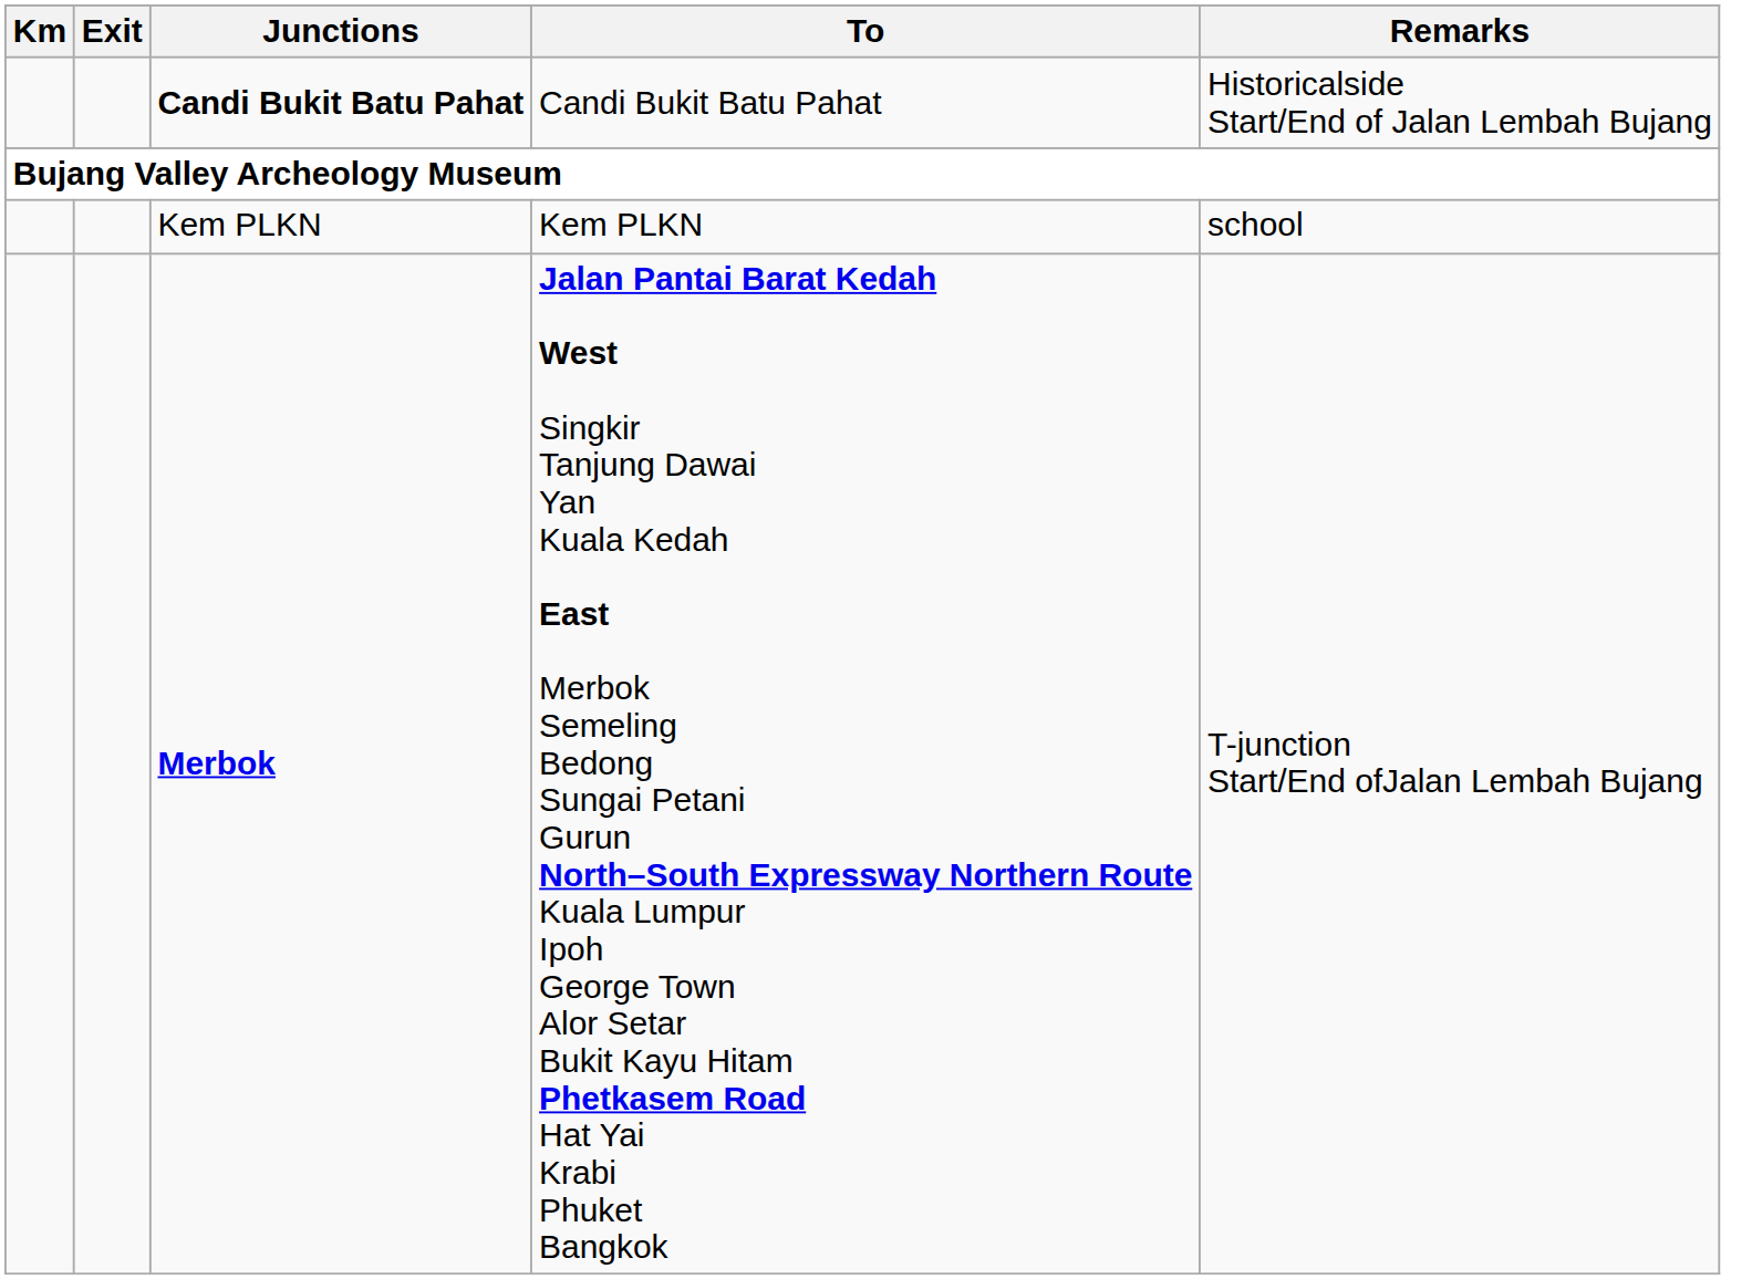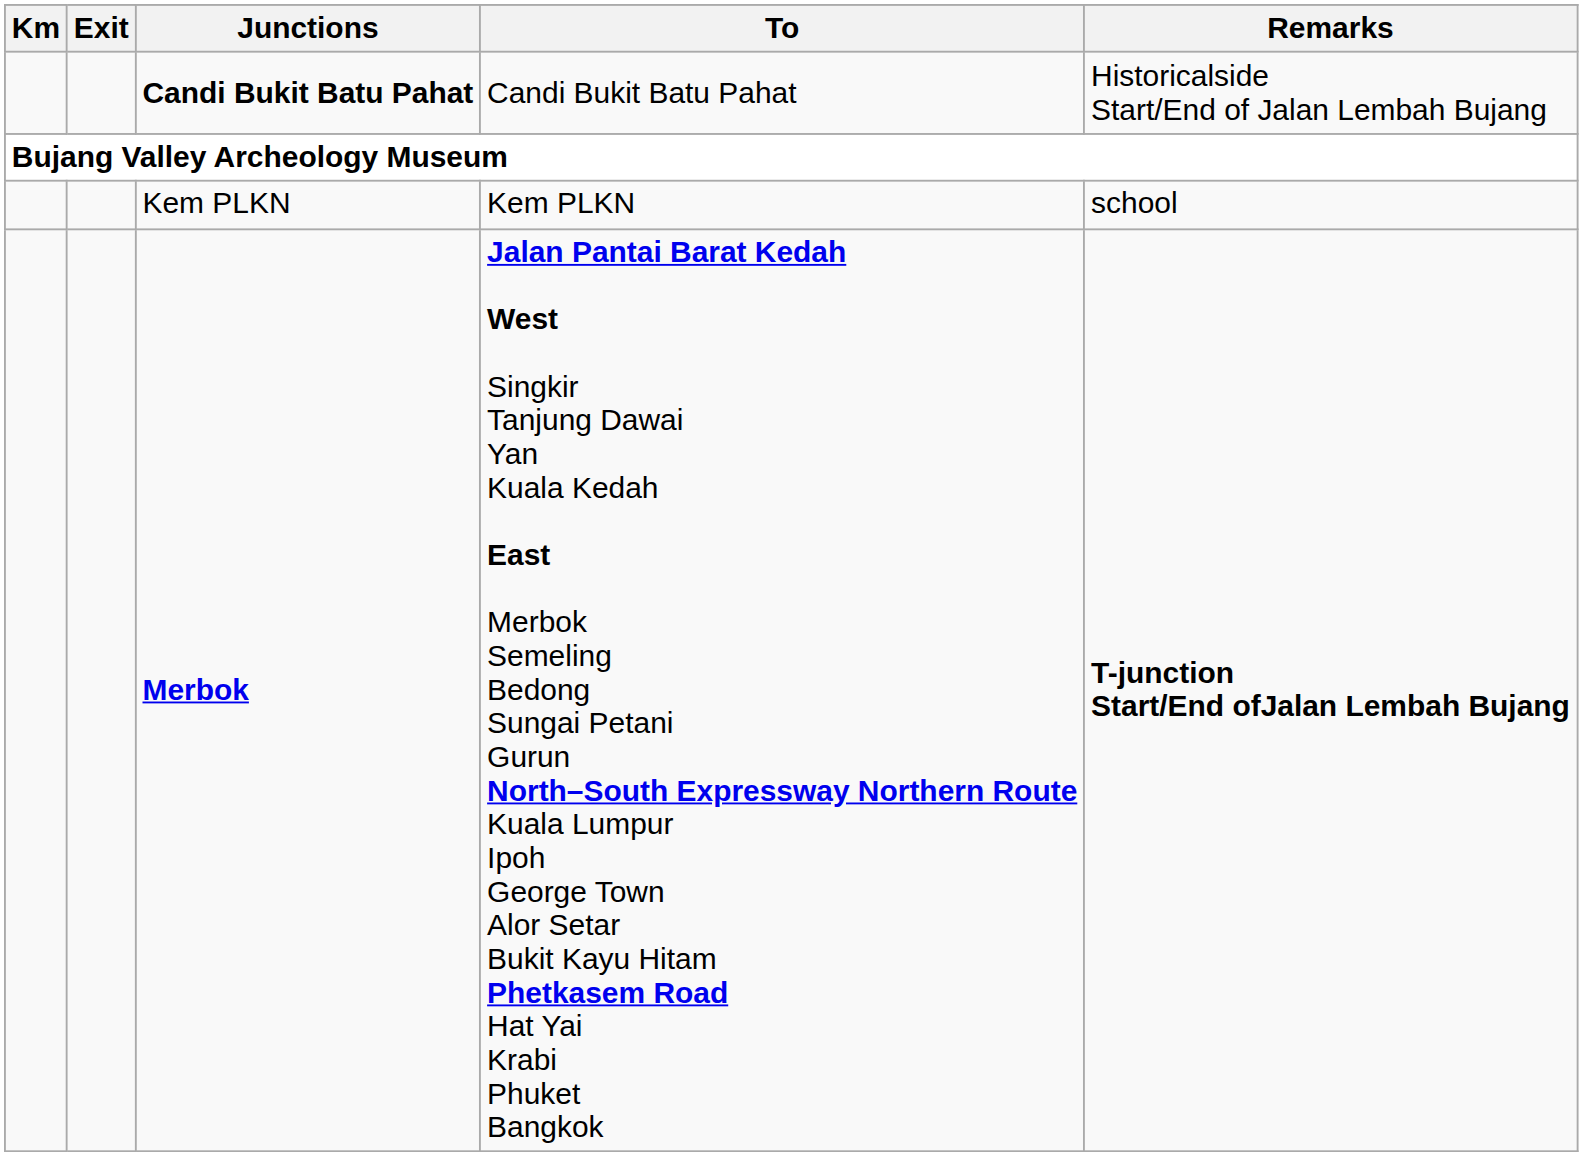 <table class="wikitable">
 <tr>
 <th>Km</th>
 <th>Exit</th>
 <th>Junctions</th>
 <th>To</th>
 <th>Remarks</th>
 </tr>
 <tr>
 <td></td>
 <td></td>
 <td><strong>Candi Bukit Batu Pahat</strong></td>
 <td>Candi Bukit Batu Pahat</td>
 <td>Historicalside<br>Start/End of Jalan Lembah Bujang</td>
 </tr>
 <tr>
 <td style="width 600px" colspan="6" style="text-align:center" bgcolor="white"><strong><span> Bujang Valley Archeology Museum</span></strong></td>
 </tr>
 <tr>
 <td></td>
 <td></td>
 <td>Kem PLKN</td>
 <td>Kem PLKN</td>
 <td>school</td>
 </tr>
 <tr>
 <td></td>
 <td></td>
 <td><strong><a href='#'>Merbok</a></strong></td>
 <td><strong><a href='#'>Jalan Pantai Barat Kedah</a></strong><br><br><strong>West</strong><br><br> Singkir<br>Tanjung Dawai<br>Yan<br>Kuala Kedah<br><br><strong>East</strong><br><br>Merbok<br>Semeling<br>Bedong<br>Sungai Petani<br>Gurun<br> <strong><a href='#'>North–South Expressway Northern Route</a></strong><br> Kuala Lumpur<br> Ipoh<br>George Town<br> Alor Setar<br>  Bukit Kayu Hitam<br> <strong><a href='#'>Phetkasem Road</a></strong><br>Hat Yai<br>Krabi<br> Phuket<br>Bangkok</td>
-<td>T-junction<br>Start/End ofJalan Lembah Bujang</td>
+<td><strong>T-junction<br>Start/End ofJalan Lembah Bujang</strong></td>
 </tr>
 </table>
